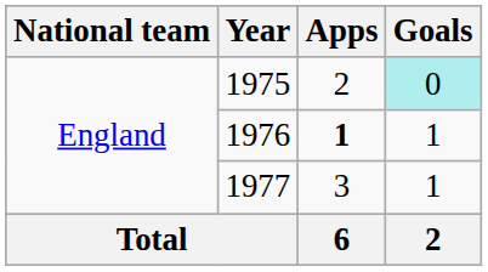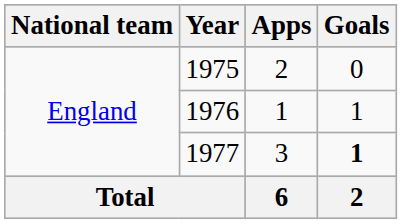 <table class=wikitable style="text-align: center">
 <tr>
 <th>National team</th>
 <th>Year</th>
 <th>Apps</th>
 <th>Goals</th>
 </tr>
 <tr>
 <td rowspan=3><a href='#'>England</a></td>
 <td>1975</td>
 <td>2</td>
-<td style="background: paleturquoise;">0</td>
+<td>0</td>
 </tr>
 <tr>
 <td>1976</td>
-<td><strong>1</strong></td>
+<td>1</td>
 <td>1</td>
 </tr>
 <tr>
 <td>1977</td>
 <td>3</td>
-<td>1</td>
+<td><strong>1</strong></td>
 </tr>
 <tr>
 <th colspan=2>Total</th>
 <th>6</th>
 <th>2</th>
 </tr>
 </table>
